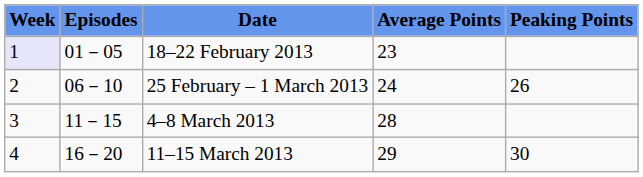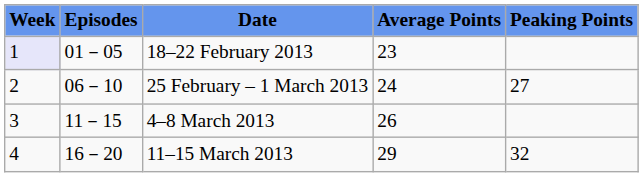 <table class="wikitable" style="font-size:14px;">
 <tr style="background:cornflowerblue; colour:white" align="center">
 <td><strong>Week</strong></td>
 <td><strong>Episodes</strong></td>
 <td><strong>Date</strong></td>
 <td><strong>Average Points</strong></td>
 <td><strong>Peaking Points</strong></td>
 </tr>
 <tr>
 <td style="background: lavender;">1</td>
 <td>01－05</td>
 <td>18–22 February 2013</td>
 <td>23</td>
 <td></td>
 </tr>
 <tr>
 <td>2</td>
 <td>06－10</td>
 <td>25 February – 1 March 2013</td>
 <td>24</td>
-<td>26</td>
+<td>27</td>
 </tr>
 <tr>
 <td>3</td>
 <td>11－15</td>
 <td>4–8 March 2013</td>
-<td>28</td>
+<td>26</td>
 <td></td>
 </tr>
 <tr>
 <td>4</td>
 <td>16－20</td>
 <td>11–15 March 2013</td>
 <td>29</td>
-<td>30</td>
+<td>32</td>
 </tr>
 </table>
